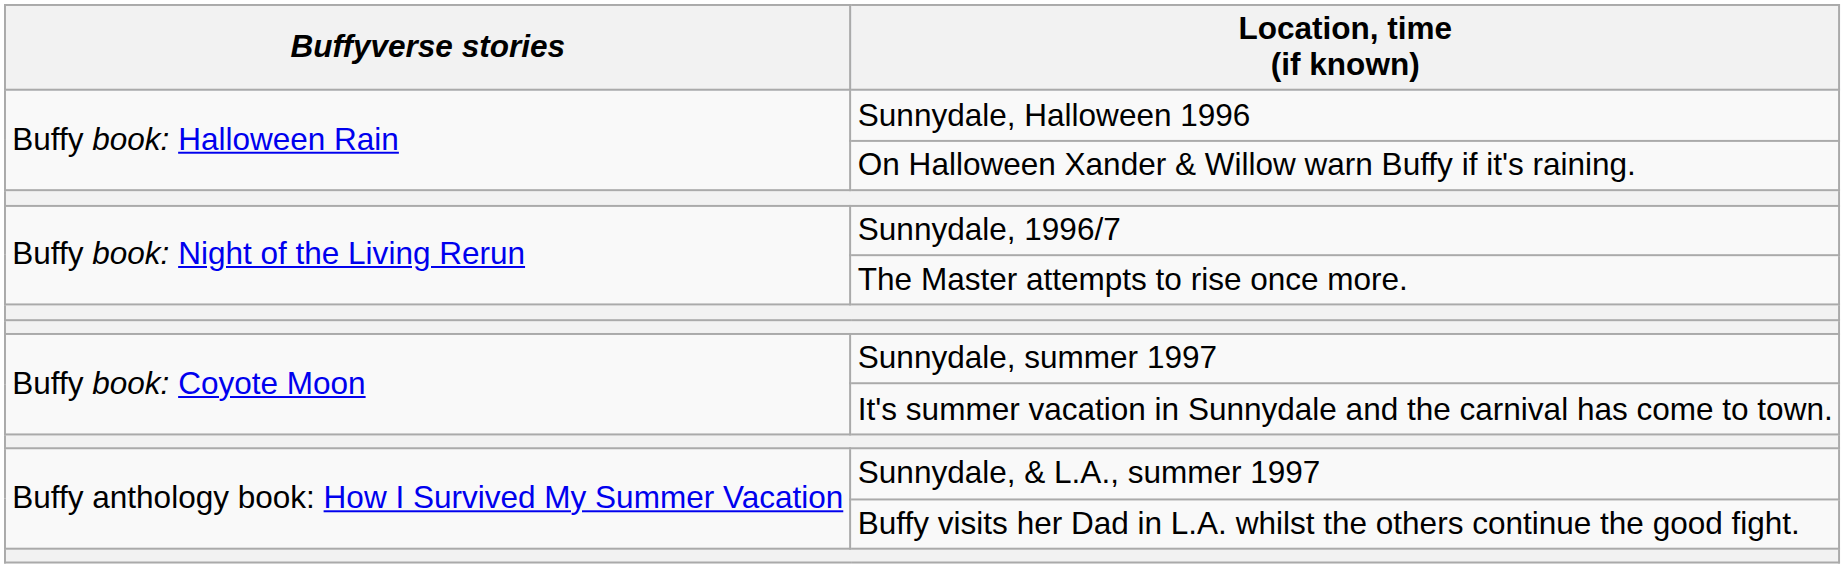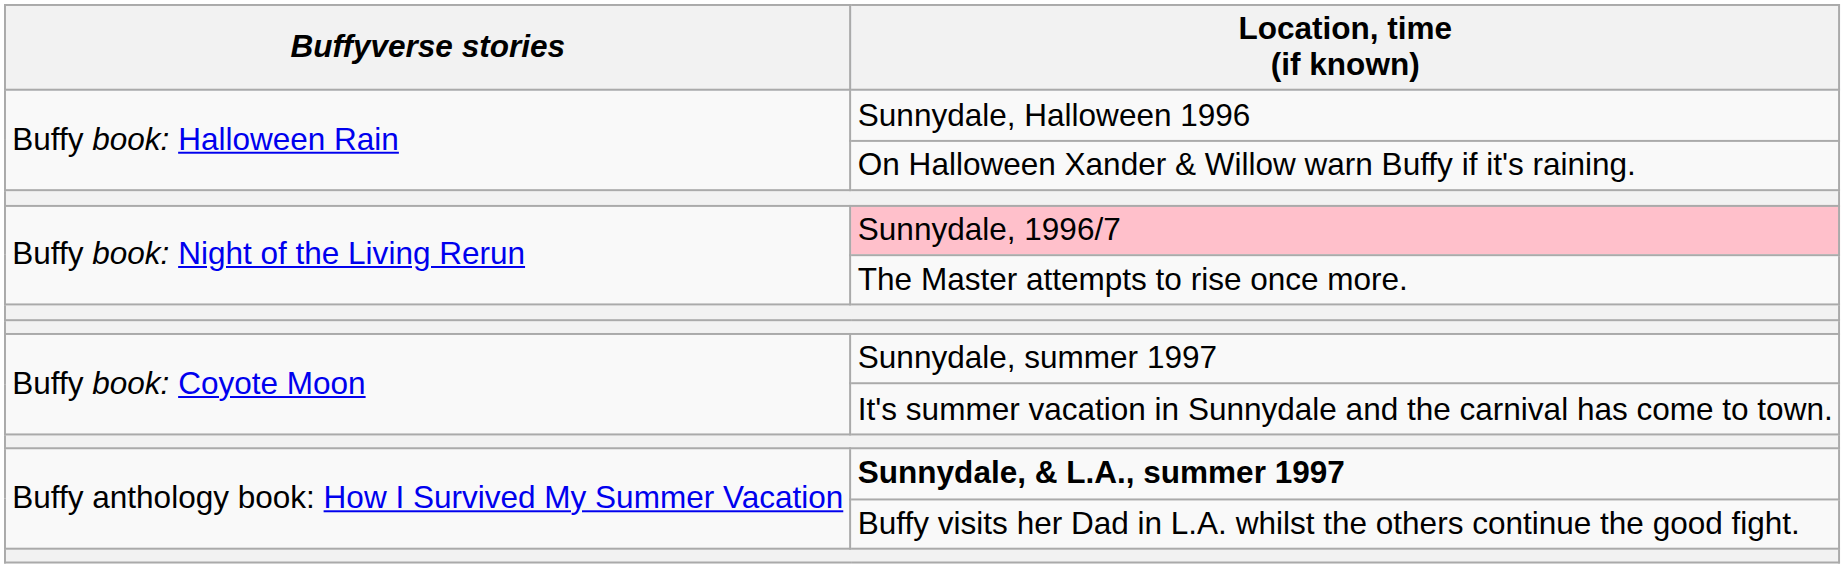 <table class="wikitable">
 <tr bgcolor="lightsteelblue" align=left>
 <th><strong><em>Buffyverse<em> stories<strong></th>
 <th></strong>Location, time<strong> <br>  (if known)</th>
 </tr>
 <tr>
 <td rowspan="2"></em>Buffy<em> book: </em><a href='#'>Halloween Rain</a><em></td>
 <td>Sunnydale, Halloween 1996</td>
 </tr>
 <tr>
 <td colspan="4">On Halloween Xander & Willow warn Buffy if it's raining.</td>
 </tr>
 <tr>
 <td colspan="6" bgcolor="#f2f2f2"></td>
 </tr>
 <tr>
 <td rowspan="2"></em>Buffy<em> book: </em><a href='#'>Night of the Living Rerun</a><em></td>
-<td>Sunnydale, 1996/7</td>
+<td style="background: pink;">Sunnydale, 1996/7</td>
 </tr>
 <tr>
 <td colspan="4">The Master attempts to rise once more.</td>
 </tr>
 <tr>
 <td colspan="6" bgcolor="#f2f2f2"></td>
 </tr>
 <tr>
 <td colspan="6" bgcolor="#f2f2f2"></td>
 </tr>
 <tr>
 <td rowspan="2"></em>Buffy<em> book: </em><a href='#'>Coyote Moon</a><em></td>
 <td>Sunnydale, summer 1997</td>
 </tr>
 <tr>
 <td colspan="4">It's summer vacation in Sunnydale and the carnival has come to town.</td>
 </tr>
 <tr>
 <td colspan="6" bgcolor="#f2f2f2"></td>
 </tr>
 <tr>
 <td rowspan="2">Buffy anthology book: </em><a href='#'>How I Survived My Summer Vacation</a><em></td>
-<td>Sunnydale, & L.A., summer 1997</td>
+<td><strong>Sunnydale, & L.A., summer 1997</strong></td>
 </tr>
 <tr>
 <td colspan="4">Buffy visits her Dad in L.A. whilst the others continue the good fight.</td>
 </tr>
 <tr>
 <td colspan="6" bgcolor="#f2f2f2"></td>
 </tr>
 </table>
